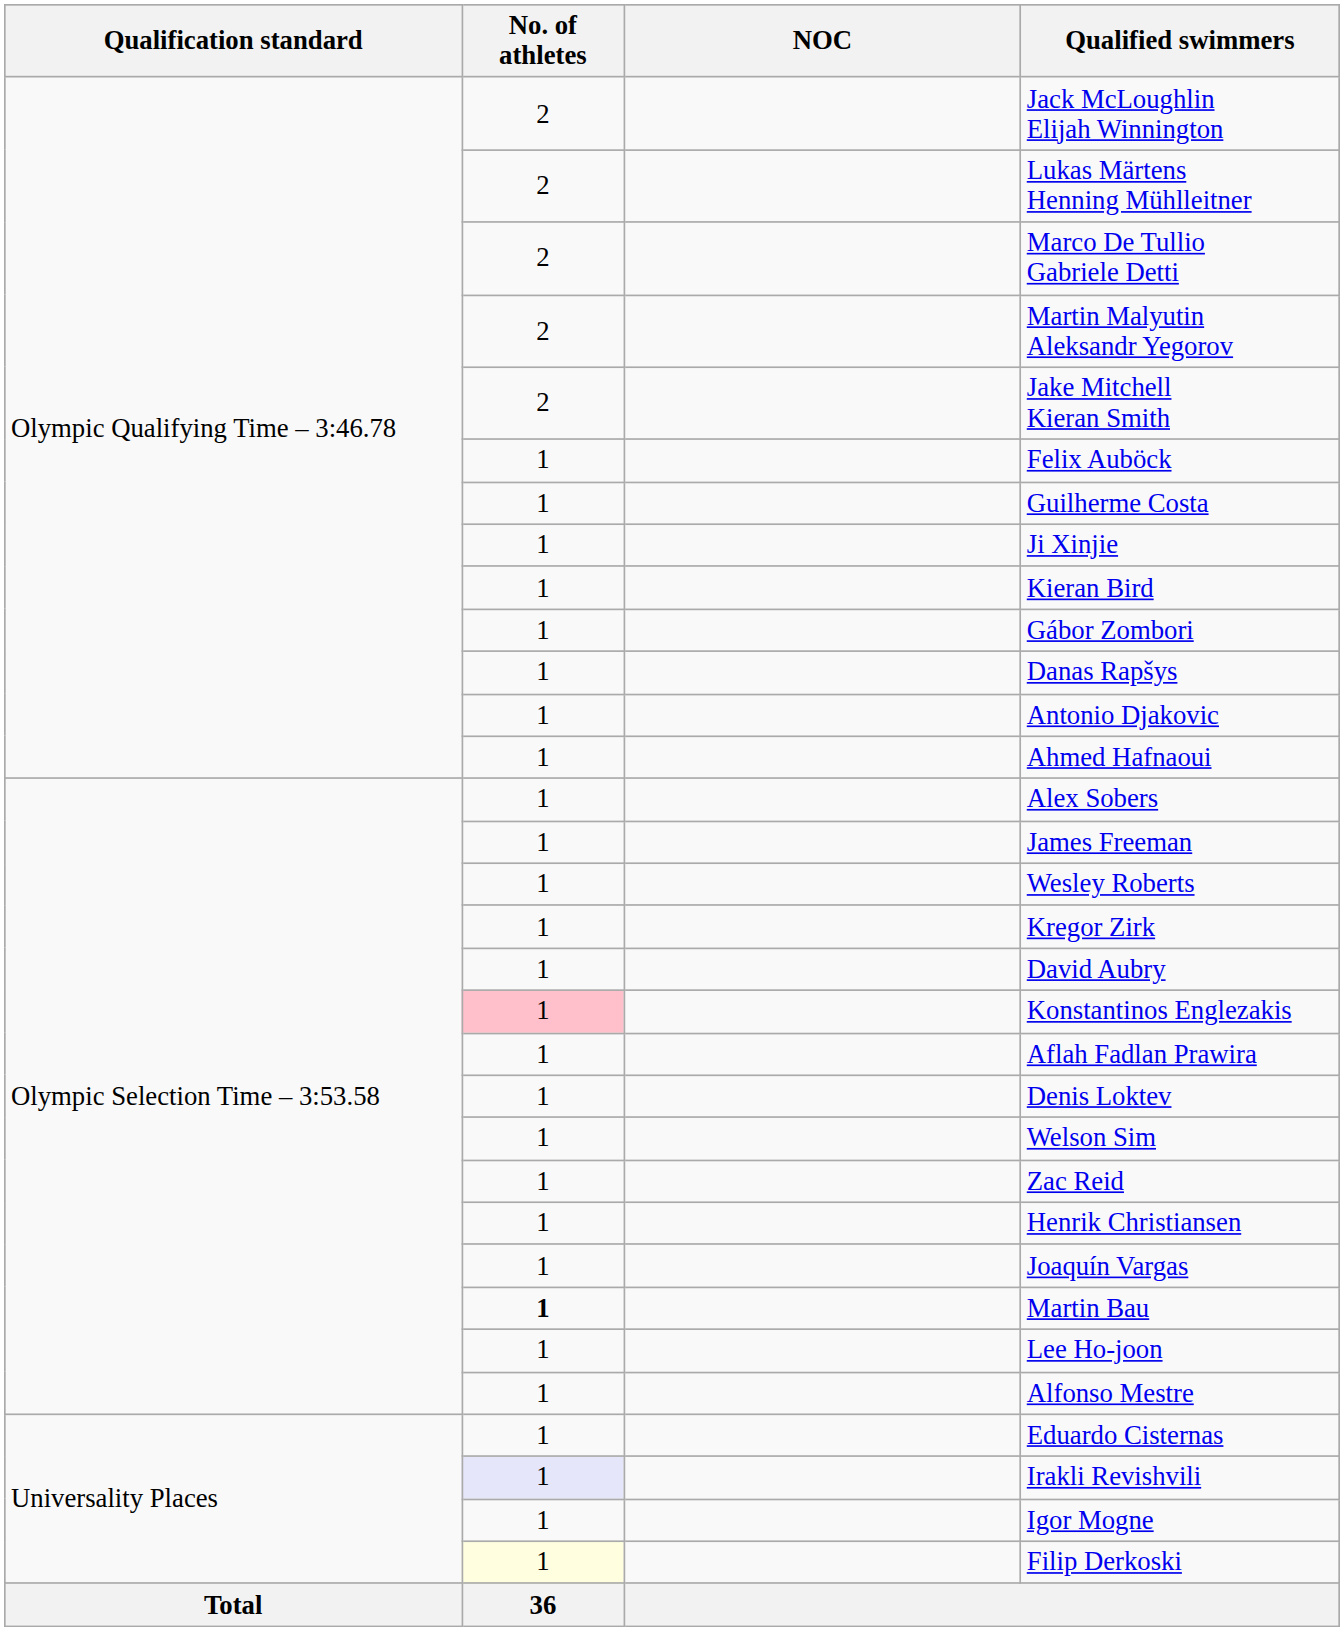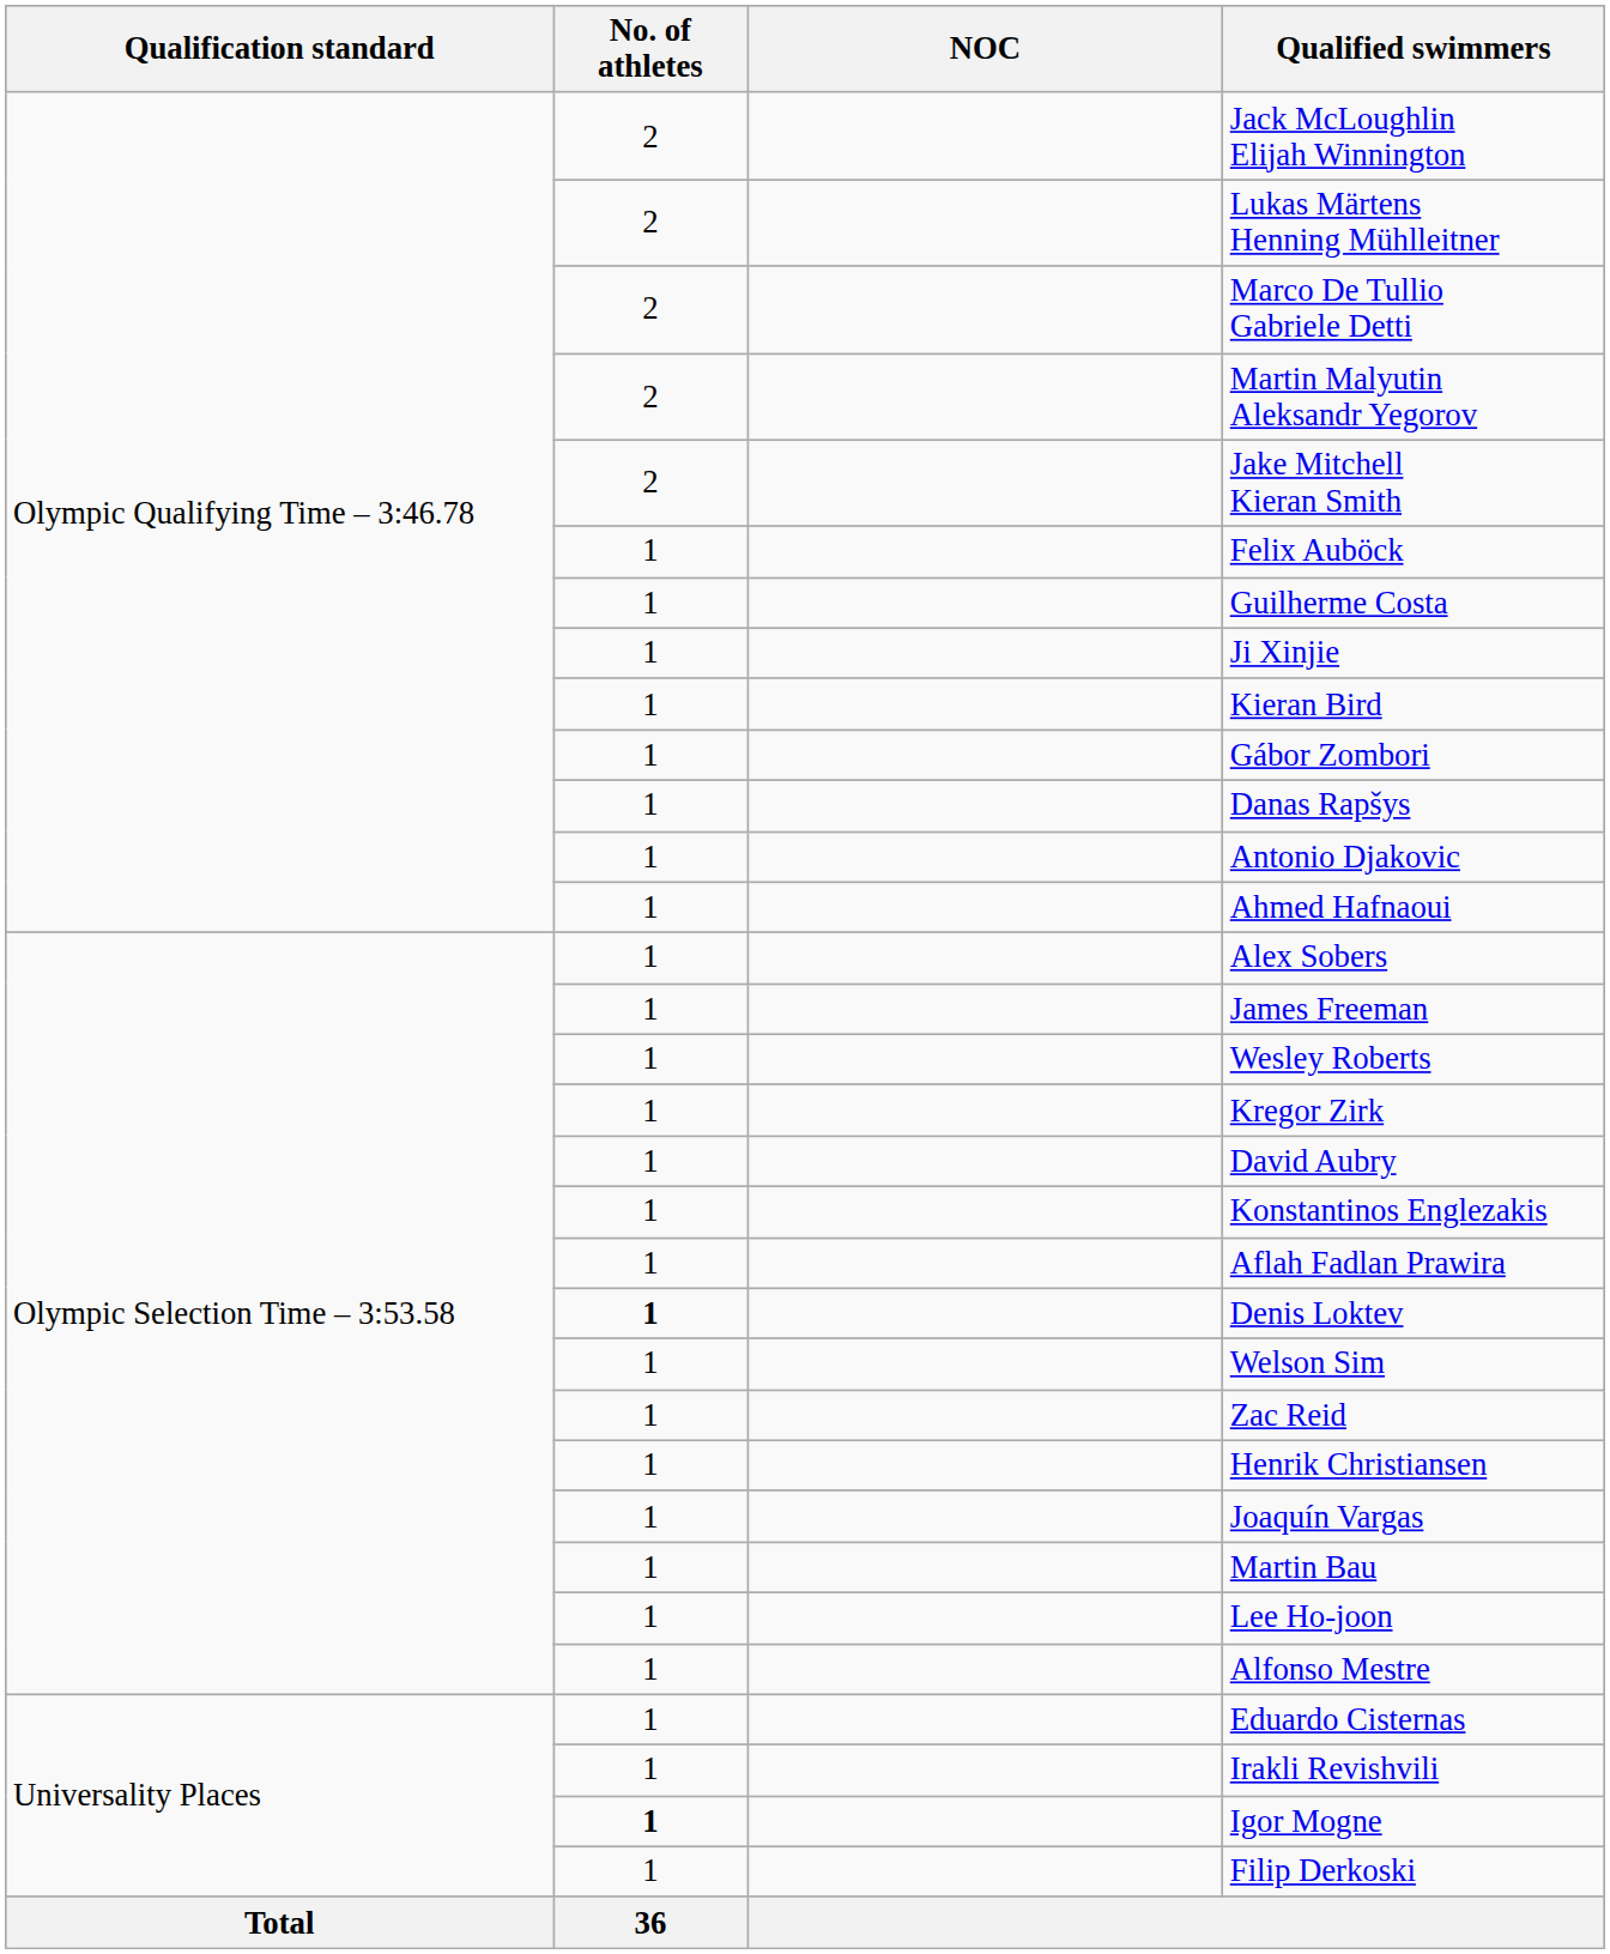 <table class=wikitable style="text-align:left" width=800>
 <tr>
 <th>Qualification standard</th>
 <th width=90>No. of athletes</th>
 <th width=230>NOC</th>
 <th>Qualified swimmers</th>
 </tr>
 <tr>
 <td rowspan=13>Olympic Qualifying Time – 3:46.78</td>
 <td align=center>2</td>
 <td></td>
 <td><a href='#'>Jack McLoughlin</a><br><a href='#'>Elijah Winnington</a></td>
 </tr>
 <tr>
 <td align=center>2</td>
 <td></td>
 <td><a href='#'>Lukas Märtens</a><br><a href='#'>Henning Mühlleitner</a></td>
 </tr>
 <tr>
 <td align=center>2</td>
 <td></td>
 <td><a href='#'>Marco De Tullio</a><br><a href='#'>Gabriele Detti</a></td>
 </tr>
 <tr>
 <td align=center>2</td>
 <td></td>
 <td><a href='#'>Martin Malyutin</a><br><a href='#'>Aleksandr Yegorov</a></td>
 </tr>
 <tr>
 <td align=center>2</td>
 <td></td>
 <td><a href='#'>Jake Mitchell</a><br><a href='#'>Kieran Smith</a></td>
 </tr>
 <tr>
 <td align=center>1</td>
 <td></td>
 <td><a href='#'>Felix Auböck</a></td>
 </tr>
 <tr>
 <td align=center>1</td>
 <td></td>
 <td><a href='#'>Guilherme Costa</a></td>
 </tr>
 <tr>
 <td align=center>1</td>
 <td></td>
 <td><a href='#'>Ji Xinjie</a></td>
 </tr>
 <tr>
 <td align=center>1</td>
 <td></td>
 <td><a href='#'>Kieran Bird</a></td>
 </tr>
 <tr>
 <td align=center>1</td>
 <td></td>
 <td><a href='#'>Gábor Zombori</a></td>
 </tr>
 <tr>
 <td align=center>1</td>
 <td></td>
 <td><a href='#'>Danas Rapšys</a></td>
 </tr>
 <tr>
 <td align=center>1</td>
 <td></td>
 <td><a href='#'>Antonio Djakovic</a></td>
 </tr>
 <tr>
 <td align=center>1</td>
 <td></td>
 <td><a href='#'>Ahmed Hafnaoui</a></td>
 </tr>
 <tr>
 <td rowspan=15>Olympic Selection Time – 3:53.58</td>
 <td align=center>1</td>
 <td></td>
 <td><a href='#'>Alex Sobers</a></td>
 </tr>
 <tr>
 <td align=center>1</td>
 <td></td>
 <td><a href='#'>James Freeman</a></td>
 </tr>
 <tr>
 <td align=center>1</td>
 <td></td>
 <td><a href='#'>Wesley Roberts</a></td>
 </tr>
 <tr>
 <td align=center>1</td>
 <td></td>
 <td><a href='#'>Kregor Zirk</a></td>
 </tr>
 <tr>
 <td align=center>1</td>
 <td></td>
 <td><a href='#'>David Aubry</a></td>
 </tr>
 <tr>
-<td align=center style="background: pink;">1</td>
+<td align=center>1</td>
 <td></td>
 <td><a href='#'>Konstantinos Englezakis</a></td>
 </tr>
 <tr>
 <td align=center>1</td>
 <td></td>
 <td><a href='#'>Aflah Fadlan Prawira</a></td>
 </tr>
 <tr>
-<td align=center>1</td>
+<td align=center><strong>1</strong></td>
 <td></td>
 <td><a href='#'>Denis Loktev</a></td>
 </tr>
 <tr>
 <td align=center>1</td>
 <td></td>
 <td><a href='#'>Welson Sim</a></td>
 </tr>
 <tr>
 <td align=center>1</td>
 <td></td>
 <td><a href='#'>Zac Reid</a></td>
 </tr>
 <tr>
 <td align=center>1</td>
 <td></td>
 <td><a href='#'>Henrik Christiansen</a></td>
 </tr>
 <tr>
 <td align=center>1</td>
 <td></td>
 <td><a href='#'>Joaquín Vargas</a></td>
 </tr>
 <tr>
-<td align=center><strong>1</strong></td>
+<td align=center>1</td>
 <td></td>
 <td><a href='#'>Martin Bau</a></td>
 </tr>
 <tr>
 <td align=center>1</td>
 <td></td>
 <td><a href='#'>Lee Ho-joon</a></td>
 </tr>
 <tr>
 <td align=center>1</td>
 <td></td>
 <td><a href='#'>Alfonso Mestre</a></td>
 </tr>
 <tr>
 <td rowspan=4>Universality Places</td>
 <td align=center>1</td>
 <td></td>
 <td><a href='#'>Eduardo Cisternas</a></td>
 </tr>
 <tr>
-<td align=center style="background: lavender;">1</td>
+<td align=center>1</td>
 <td></td>
 <td><a href='#'>Irakli Revishvili</a></td>
 </tr>
 <tr>
-<td align=center>1</td>
+<td align=center><strong>1</strong></td>
 <td></td>
 <td><a href='#'>Igor Mogne</a></td>
 </tr>
 <tr>
-<td align=center style="background: lightyellow;">1</td>
+<td align=center>1</td>
 <td></td>
 <td><a href='#'>Filip Derkoski</a></td>
 </tr>
 <tr>
 <th><strong>Total</strong></th>
 <th>36</th>
 <th colspan=2></th>
 </tr>
 </table>
